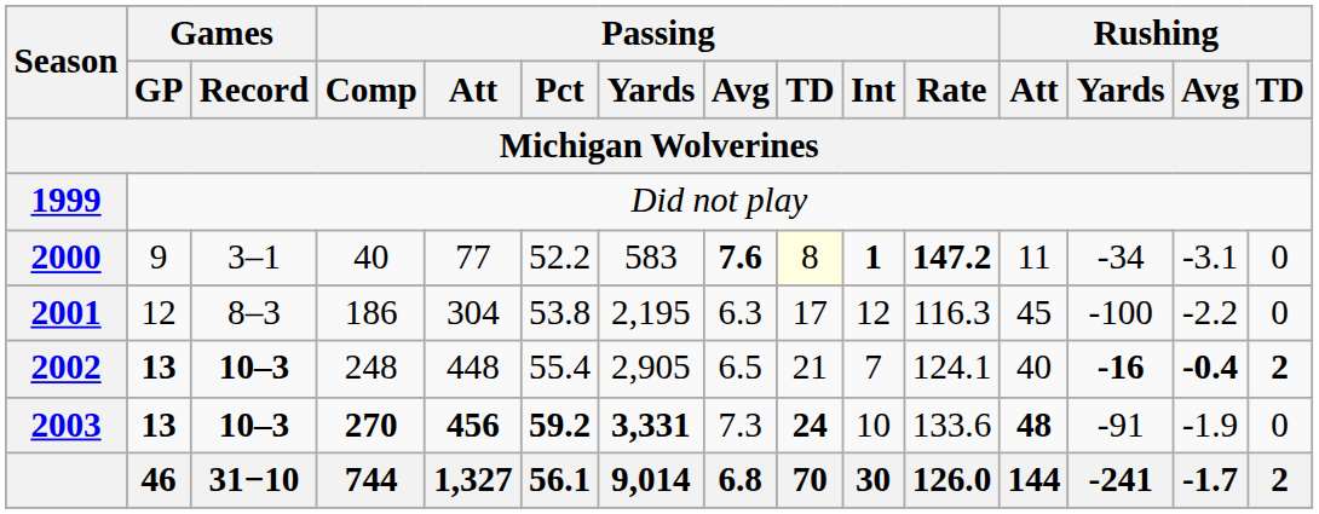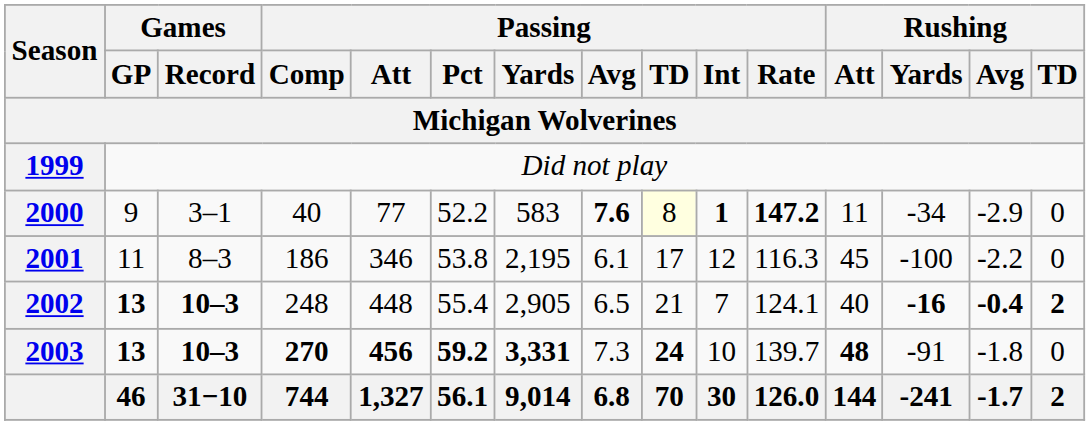 <table class="wikitable" style="text-align:center;">
 <tr>
 <th rowspan="2">Season</th>
 <th colspan="2">Games</th>
 <th colspan="8">Passing</th>
 <th colspan="4">Rushing</th>
 </tr>
 <tr>
 <th>GP</th>
 <th>Record</th>
 <th>Comp</th>
 <th>Att</th>
 <th>Pct</th>
 <th>Yards</th>
 <th>Avg</th>
 <th>TD</th>
 <th>Int</th>
 <th>Rate</th>
 <th>Att</th>
 <th>Yards</th>
 <th>Avg</th>
 <th>TD</th>
 </tr>
 <tr>
 <th colspan="16">Michigan Wolverines</th>
 </tr>
 <tr>
 <th><a href='#'>1999</a></th>
 <td colspan="15"><em>Did not play</em></td>
 </tr>
 <tr>
 <th><a href='#'>2000</a></th>
 <td>9</td>
 <td>3–1</td>
 <td>40</td>
 <td>77</td>
 <td>52.2</td>
 <td>583</td>
 <td><strong>7.6</strong></td>
 <td style="background: lightyellow;">8</td>
 <td><strong>1</strong></td>
 <td><strong>147.2</strong></td>
 <td>11</td>
 <td>-34</td>
-<td>-3.1</td>
+<td>-2.9</td>
 <td>0</td>
 </tr>
 <tr>
 <th><a href='#'>2001</a></th>
-<td>12</td>
+<td>11</td>
 <td>8–3</td>
 <td>186</td>
-<td>304</td>
+<td>346</td>
 <td>53.8</td>
 <td>2,195</td>
-<td>6.3</td>
+<td>6.1</td>
 <td>17</td>
 <td>12</td>
 <td>116.3</td>
 <td>45</td>
 <td>-100</td>
 <td>-2.2</td>
 <td>0</td>
 </tr>
 <tr>
 <th><a href='#'>2002</a></th>
 <td><strong>13</strong></td>
 <td><strong>10–3</strong></td>
 <td>248</td>
 <td>448</td>
 <td>55.4</td>
 <td>2,905</td>
 <td>6.5</td>
 <td>21</td>
 <td>7</td>
 <td>124.1</td>
 <td>40</td>
 <td><strong>-16</strong></td>
 <td><strong>-0.4</strong></td>
 <td><strong>2</strong></td>
 </tr>
 <tr>
 <th><a href='#'>2003</a></th>
 <td><strong>13</strong></td>
 <td><strong>10–3</strong></td>
 <td><strong>270</strong></td>
 <td><strong>456</strong></td>
 <td><strong>59.2</strong></td>
 <td><strong>3,331</strong></td>
 <td>7.3</td>
 <td><strong>24</strong></td>
 <td>10</td>
-<td>133.6</td>
+<td>139.7</td>
 <td><strong>48</strong></td>
 <td>-91</td>
-<td>-1.9</td>
+<td>-1.8</td>
 <td>0</td>
 </tr>
 <tr>
 <th></th>
 <th>46</th>
 <th>31−10</th>
 <th>744</th>
 <th>1,327</th>
 <th>56.1</th>
 <th>9,014</th>
 <th>6.8</th>
 <th>70</th>
 <th>30</th>
 <th>126.0</th>
 <th>144</th>
 <th>-241</th>
 <th>-1.7</th>
 <th>2</th>
 </tr>
 </table>
